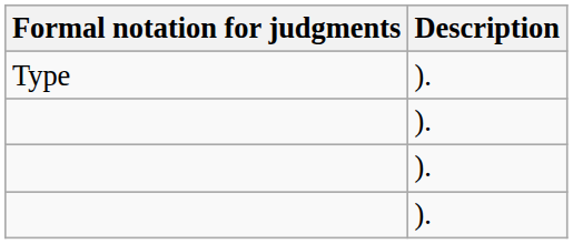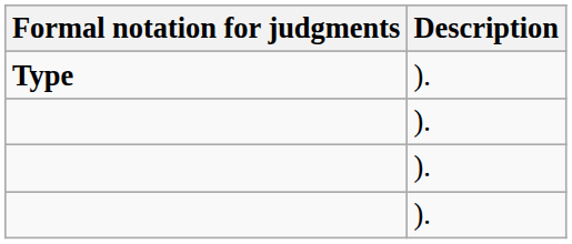 <table class="wikitable">
 <tr>
 <th>Formal notation for judgments</th>
 <th>Description</th>
 </tr>
 <tr>
-<td> Type</td>
+<td><strong> Type</strong></td>
 <td>).</td>
 </tr>
 <tr>
 <td></td>
 <td>).</td>
 </tr>
 <tr>
 <td></td>
 <td>).</td>
 </tr>
 <tr>
 <td></td>
 <td>).</td>
 </tr>
 </table>
